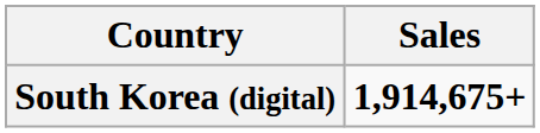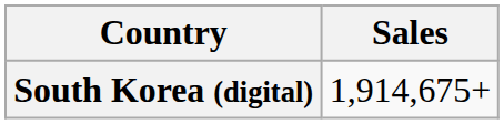 <table class="wikitable plainrowheaders">
 <tr>
 <th>Country</th>
 <th>Sales</th>
 </tr>
 <tr>
 <th scope="row">South Korea <small>(digital)</small></th>
-<td><strong>1,914,675+</strong></td>
+<td>1,914,675+</td>
 </tr>
 </table>
